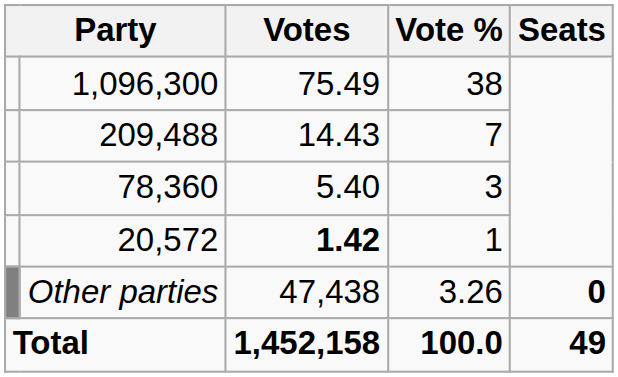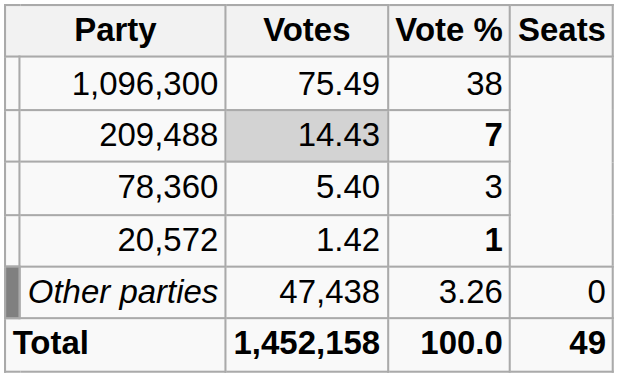 <table class="wikitable" style="text-align:right">
 <tr>
 <th colspan=2>Party</th>
 <th>Votes</th>
 <th>Vote %</th>
 <th>Seats</th>
 </tr>
 <tr>
 <td></td>
 <td>1,096,300</td>
 <td>75.49</td>
 <td>38</td>
 </tr>
 <tr>
 <td></td>
 <td>209,488</td>
-<td>14.43</td>
-<td>7</td>
+<td style="background: lightgrey;">14.43</td>
+<td><strong>7</strong></td>
 </tr>
 <tr>
 <td></td>
 <td>78,360</td>
 <td>5.40</td>
 <td>3</td>
 </tr>
 <tr>
 <td></td>
 <td>20,572</td>
-<td><strong>1.42</strong></td>
-<td>1</td>
+<td>1.42</td>
+<td><strong>1</strong></td>
 </tr>
 <tr>
 <td style="background-color:grey"></td>
 <td style="text-align:left"><em>Other parties</em></td>
 <td>47,438</td>
 <td>3.26</td>
-<td><strong>0</strong></td>
+<td>0</td>
 </tr>
 <tr>
 <td colspan=2 style="text-align:left"><strong>Total</strong></td>
 <td><strong>1,452,158</strong></td>
 <td><strong>100.0</strong></td>
 <td><strong>49</strong></td>
 </tr>
 </table>
